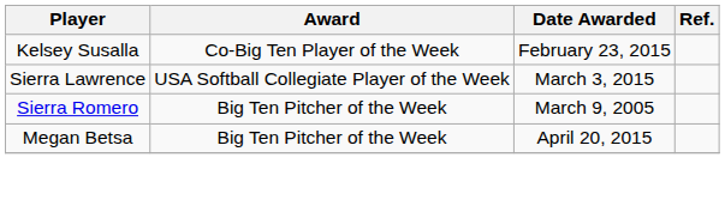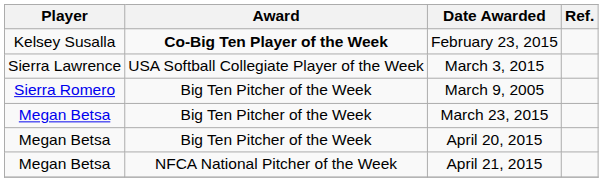 <table class="wikitable sortable sortable" style="text-align: center">
 <tr align=center>
 <th>Player</th>
 <th>Award</th>
 <th>Date Awarded</th>
 <th>Ref.</th>
 </tr>
 <tr>
 <td>Kelsey Susalla</td>
-<td>Co-Big Ten Player of the Week</td>
+<td><strong>Co-Big Ten Player of the Week</strong></td>
 <td>February 23, 2015</td>
 <td></td>
 </tr>
 <tr>
 <td>Sierra Lawrence</td>
 <td>USA Softball Collegiate Player of the Week</td>
 <td>March 3, 2015</td>
 <td></td>
 </tr>
 <tr>
 <td><a href='#'>Sierra Romero</a></td>
 <td>Big Ten Pitcher of the Week</td>
 <td>March 9, 2005</td>
 <td></td>
 </tr>
 <tr>
+<td><a href='#'>Megan Betsa</a></td>
+<td>Big Ten Pitcher of the Week</td>
+<td>March 23, 2015</td>
+<td></td>
+</tr>
+<tr>
 <td>Megan Betsa</td>
 <td>Big Ten Pitcher of the Week</td>
 <td>April 20, 2015</td>
 <td></td>
 </tr>
 <tr>
+<td>Megan Betsa</td>
+<td>NFCA National Pitcher of the Week</td>
+<td>April 21, 2015</td>
+<td></td>
+</tr>
+<tr>
 </tr>
 </table>
